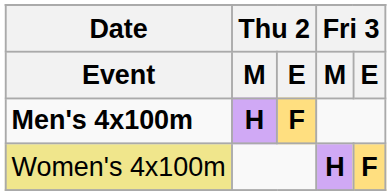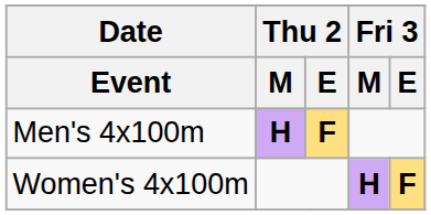 <table class="wikitable" style="margin:0.5em auto; font-size:90%; line-height:1.25em;">
 <tr align="center">
 </tr>
 <tr>
 <th>Date</th>
 <th colspan="2">Thu 2</th>
 <th colspan="2">Fri 3</th>
 </tr>
 <tr>
 <th>Event</th>
 <th>M</th>
 <th>E</th>
 <th>M</th>
 <th>E</th>
 </tr>
 <tr align="center">
-<td align="left"><strong>Men's 4x100m</strong></td>
+<td align="left">Men's 4x100m</td>
 <td bgcolor="#D0A9F5"><strong>H</strong></td>
 <td bgcolor="#FFDF80"><strong>F</strong></td>
 <td colspan="2"></td>
 </tr>
 <tr align="center">
-<td align="left" style="background: khaki;">Women's 4x100m</td>
+<td align="left">Women's 4x100m</td>
 <td colspan="2"></td>
 <td bgcolor="#D0A9F5"><strong>H</strong></td>
 <td bgcolor="#FFDF80"><strong>F</strong></td>
 </tr>
 </table>
